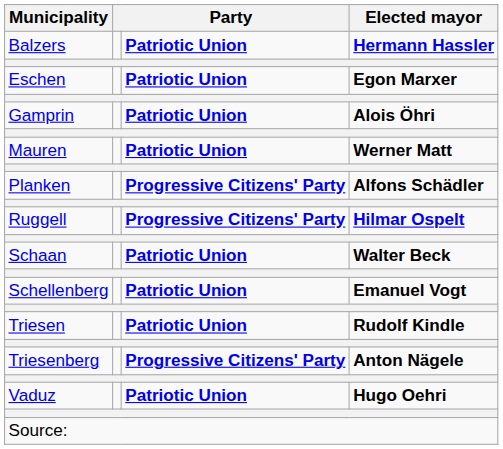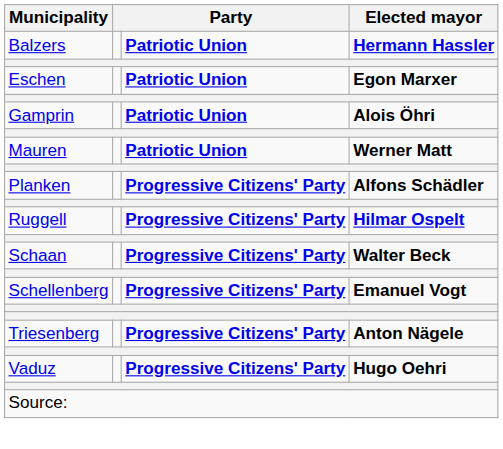 <table class="wikitable" style="text-align:right">
 <tr>
 <th>Municipality</th>
 <th colspan="2">Party</th>
 <th>Elected mayor</th>
 </tr>
 <tr>
 <td align="left"><a href='#'>Balzers</a></td>
 <td width="1" style="color:inherit;background:"></td>
 <td align="left"><a href='#'><strong>Patriotic Union</strong></a></td>
 <td align="left"><strong><a href='#'>Hermann Hassler</a></strong></td>
 </tr>
 <tr>
 <th colspan="4"></th>
 </tr>
 <tr>
 <td align="left"><a href='#'>Eschen</a></td>
 <td style="color:inherit;background:"></td>
 <td align="left"><a href='#'><strong>Patriotic Union</strong></a></td>
 <td align="left"><strong>Egon Marxer</strong></td>
 </tr>
 <tr>
 <th colspan="4"></th>
 </tr>
 <tr>
 <td align="left"><a href='#'>Gamprin</a></td>
 <td style="color:inherit;background:"></td>
 <td align="left"><a href='#'><strong>Patriotic Union</strong></a></td>
 <td align="left"><strong>Alois Öhri</strong></td>
 </tr>
 <tr>
 <th colspan="4"></th>
 </tr>
 <tr>
 <td align="left"><a href='#'>Mauren</a></td>
 <td style="color:inherit;background:"></td>
 <td align="left"><a href='#'><strong>Patriotic Union</strong></a></td>
 <td align="left"><strong>Werner Matt</strong></td>
 </tr>
 <tr>
 <th colspan="4"></th>
 </tr>
 <tr>
 <td align="left"><a href='#'>Planken</a></td>
 <td style="color:inherit;background:"></td>
 <td align="left"><strong><a href='#'>Progressive Citizens' Party</a></strong></td>
 <td align="left"><strong>Alfons Schädler</strong></td>
 </tr>
 <tr>
 <th colspan="4"></th>
 </tr>
 <tr>
 <td align="left"><a href='#'>Ruggell</a></td>
 <td style="color:inherit;background:"></td>
 <td align="left"><strong><a href='#'>Progressive Citizens' Party</a></strong></td>
 <td align="left"><strong><a href='#'>Hilmar Ospelt</a></strong></td>
 </tr>
 <tr>
 <th colspan="4"></th>
 </tr>
 <tr>
 <td align="left"><a href='#'>Schaan</a></td>
 <td style="color:inherit;background:"></td>
-<td align="left"><a href='#'><strong>Patriotic Union</strong></a></td>
+<td align="left"><strong><a href='#'>Progressive Citizens' Party</a></strong></td>
 <td align="left"><strong>Walter Beck</strong></td>
 </tr>
 <tr>
 <th colspan="4"></th>
 </tr>
 <tr>
 <td align="left"><a href='#'>Schellenberg</a></td>
 <td style="color:inherit;background:"></td>
-<td align="left"><a href='#'><strong>Patriotic Union</strong></a></td>
+<td align="left"><strong><a href='#'>Progressive Citizens' Party</a></strong></td>
 <td align="left"><strong>Emanuel Vogt</strong></td>
 </tr>
 <tr>
 <th colspan="4"></th>
-</tr>
-<tr>
-<td align="left"><a href='#'>Triesen</a></td>
-<td style="color:inherit;background:"></td>
-<td align="left"><a href='#'><strong>Patriotic Union</strong></a></td>
-<td align="left"><strong>Rudolf Kindle</strong></td>
 </tr>
 <tr>
 <th colspan="4"></th>
 </tr>
 <tr>
 <td align="left"><a href='#'>Triesenberg</a></td>
 <td style="color:inherit;background:"></td>
 <td align="left"><strong><a href='#'>Progressive Citizens' Party</a></strong></td>
 <td align="left"><strong>Anton Nägele</strong></td>
 </tr>
 <tr>
 <th colspan="4"></th>
 </tr>
 <tr>
 <td align="left"><a href='#'>Vaduz</a></td>
 <td style="color:inherit;background:"></td>
-<td align="left"><a href='#'><strong>Patriotic Union</strong></a></td>
+<td align="left"><strong><a href='#'>Progressive Citizens' Party</a></strong></td>
 <td align="left"><strong>Hugo Oehri</strong></td>
 </tr>
 <tr>
 <th colspan="4"></th>
 </tr>
 <tr>
 <td colspan="4" align="left">Source: </td>
 </tr>
 </table>
